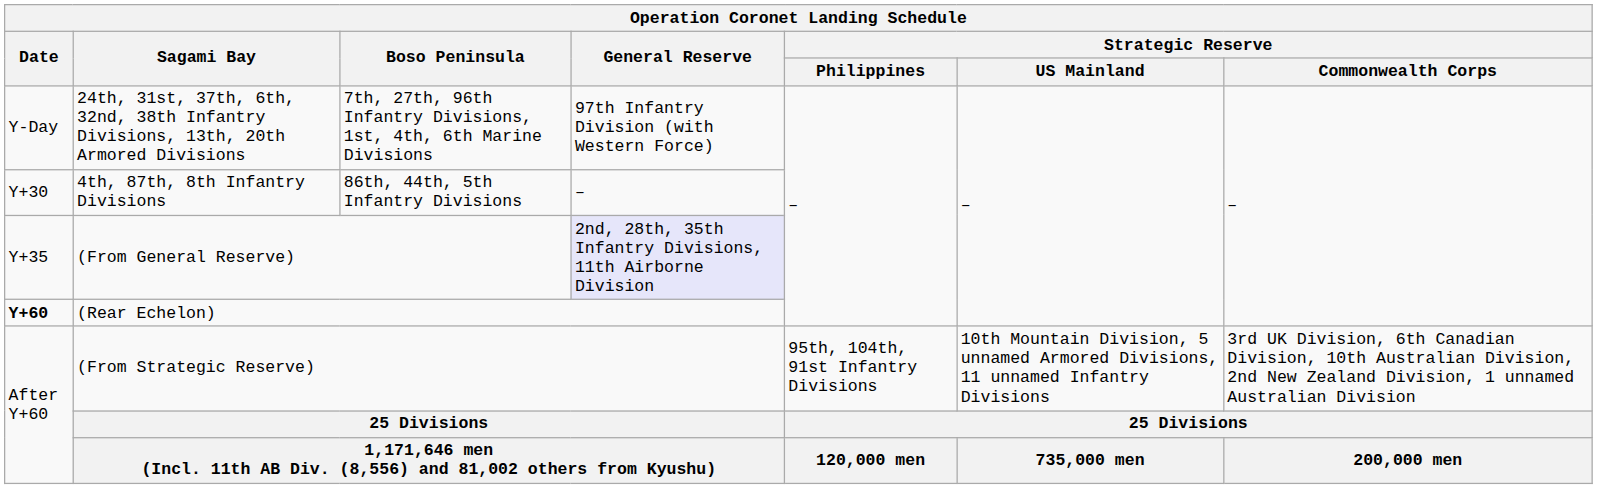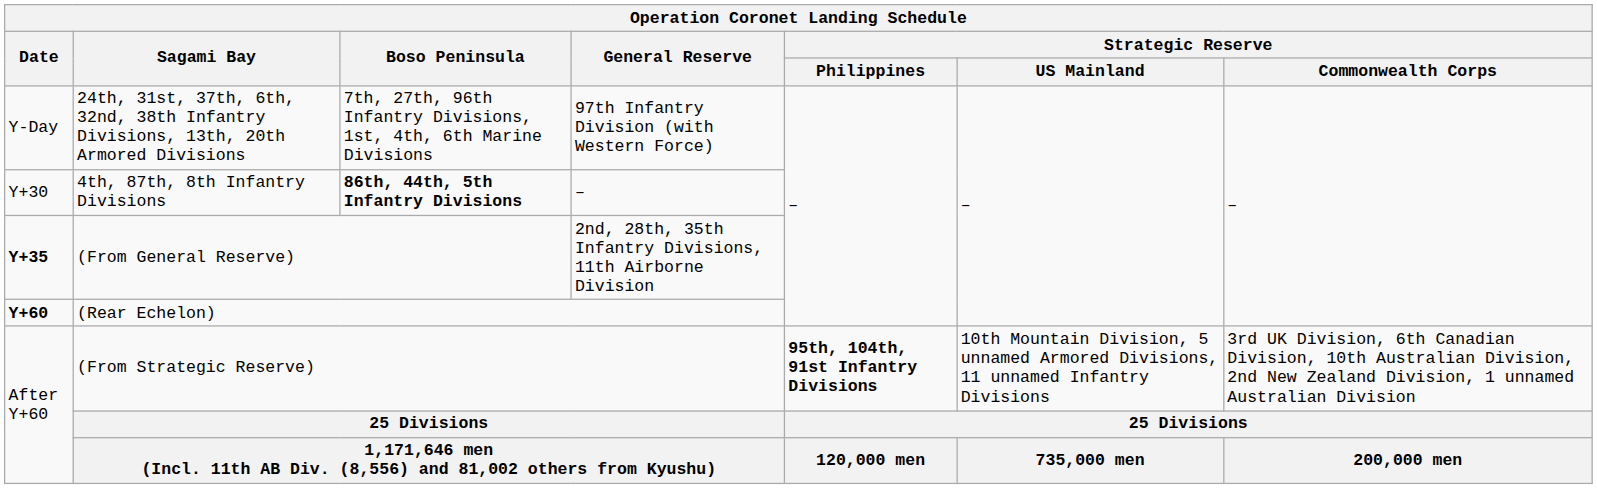 <table class="wikitable">
 <tr>
 <th colspan="7">Operation Coronet Landing Schedule</th>
 </tr>
 <tr>
 <th rowspan="2">Date</th>
 <th rowspan="2">Sagami Bay</th>
 <th rowspan="2">Boso Peninsula</th>
 <th rowspan="2">General Reserve</th>
 <th colspan="3">Strategic Reserve</th>
 </tr>
 <tr>
 <th>Philippines</th>
 <th>US Mainland</th>
 <th>Commonwealth Corps</th>
 </tr>
 <tr>
 <td>Y-Day</td>
 <td>24th, 31st, 37th, 6th, 32nd, 38th Infantry Divisions, 13th, 20th Armored Divisions</td>
 <td>7th, 27th, 96th Infantry Divisions, 1st, 4th, 6th Marine Divisions</td>
 <td>97th Infantry Division (with Western Force)</td>
 <td rowspan="4">–</td>
 <td rowspan="4">–</td>
 <td rowspan="4">–</td>
 </tr>
 <tr>
 <td>Y+30</td>
 <td>4th, 87th, 8th Infantry Divisions</td>
-<td>86th, 44th, 5th Infantry Divisions</td>
+<td><strong>86th, 44th, 5th Infantry Divisions</strong></td>
 <td>–</td>
 </tr>
 <tr>
-<td>Y+35</td>
+<td><strong>Y+35</strong></td>
 <td colspan="2">(From General Reserve)</td>
-<td style="background: lavender;">2nd, 28th, 35th Infantry Divisions, 11th  Airborne Division</td>
+<td>2nd, 28th, 35th Infantry Divisions, 11th  Airborne Division</td>
 </tr>
 <tr>
 <td><strong>Y+60</strong></td>
 <td colspan="3">(Rear Echelon)</td>
 </tr>
 <tr>
 <td rowspan="3">After Y+60</td>
 <td colspan="3">(From Strategic Reserve)</td>
-<td>95th, 104th, 91st Infantry Divisions</td>
+<td><strong>95th, 104th, 91st Infantry Divisions</strong></td>
 <td>10th Mountain Division, 5 unnamed Armored Divisions,  11 unnamed Infantry Divisions</td>
 <td>3rd UK Division, 6th Canadian Division, 10th Australian Division, 2nd New Zealand Division, 1 unnamed Australian Division</td>
 </tr>
 <tr>
 <th colspan="3">25 Divisions</th>
 <th colspan="3">25 Divisions</th>
 </tr>
 <tr>
 <th colspan="3">1,171,646 men<br>(Incl. 11th AB Div. (8,556) and 81,002 others from Kyushu)</th>
 <th>120,000 men</th>
 <th>735,000 men</th>
 <th>200,000 men</th>
 </tr>
 </table>
